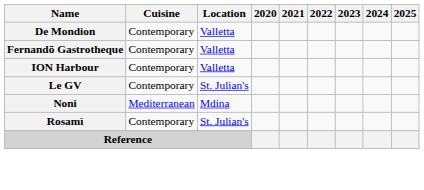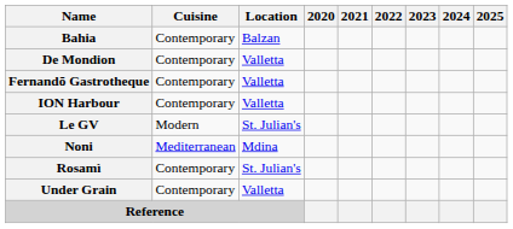 <table class="wikitable sortable plainrowheaders" style="text-align:left;"">
 <tr>
 <th scope="col">Name</th>
 <th scope="col">Cuisine</th>
 <th scope="col">Location</th>
 <th scope="col">2020</th>
 <th scope="col">2021</th>
 <th scope="col">2022</th>
 <th scope="col">2023</th>
 <th scope="col">2024</th>
 <th scope="col">2025</th>
+</tr>
+<tr>
+<th scope="row">Bahia</th>
+<td>Contemporary</td>
+<td><a href='#'>Balzan</a></td>
+<td></td>
+<td></td>
+<td></td>
+<td></td>
+<td></td>
+<td></td>
 </tr>
 <tr>
 <th scope="row">De Mondion</th>
 <td>Contemporary</td>
 <td><a href='#'>Valletta</a></td>
 <td></td>
 <td></td>
 <td></td>
 <td></td>
 <td></td>
 <td></td>
 </tr>
 <tr>
 <th scope="row">Fernandõ Gastrotheque</th>
 <td>Contemporary</td>
 <td><a href='#'>Valletta</a></td>
 <td></td>
 <td></td>
 <td></td>
 <td></td>
 <td></td>
 <td></td>
 </tr>
 <tr>
 <th scope="row">ION Harbour</th>
 <td>Contemporary</td>
 <td><a href='#'>Valletta</a></td>
 <td></td>
 <td></td>
 <td></td>
 <td></td>
 <td></td>
 <td></td>
 </tr>
 <tr>
 <th scope="row">Le GV</th>
-<td>Contemporary</td>
+<td>Modern</td>
 <td><a href='#'>St. Julian's</a></td>
 <td></td>
 <td></td>
 <td></td>
 <td></td>
 <td></td>
 <td></td>
 </tr>
 <tr>
 <th scope="row">Noni</th>
 <td><a href='#'>Mediterranean</a></td>
 <td><a href='#'>Mdina</a></td>
 <td></td>
 <td></td>
 <td></td>
 <td></td>
 <td></td>
 <td></td>
 </tr>
 <tr>
 <th scope="row">Rosamì</th>
 <td>Contemporary</td>
 <td><a href='#'>St. Julian's</a></td>
 <td></td>
 <td></td>
 <td></td>
 <td></td>
 <td></td>
 <td></td>
 </tr>
 <tr>
+<th scope="row">Under Grain</th>
+<td>Contemporary</td>
+<td><a href='#'>Valletta</a></td>
+<td></td>
+<td></td>
+<td></td>
+<td></td>
+<td></td>
+<td></td>
+</tr>
+<tr>
 <th colspan="3" style="text-align: center;background: lightgray;">Reference</th>
 <th></th>
 <th></th>
 <th></th>
 <th></th>
 <th></th>
 <th></th>
 </tr>
 </table>
